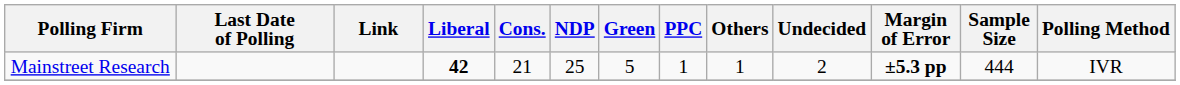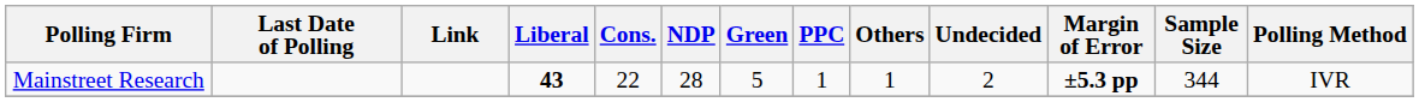 <table class="wikitable sortable" style="text-align:center;font-size:90%;line-height:14px;">
 <tr style="background:#e9e9e9;">
 <th style="width:120px">Polling Firm</th>
 <th style="width:110px">Last Date<br>of Polling</th>
 <th style="width:60px" class="unsortable">Link</th>
 <th style="background-color:"><a href='#'>Liberal</a></th>
 <th style="background-color:"><a href='#'>Cons.</a></th>
 <th style="background-color:"><a href='#'>NDP</a></th>
 <th style="background-color:"><a href='#'>Green</a></th>
 <th style="background-color:"><a href='#'><span>PPC</span></a></th>
 <th style="background-color:">Others</th>
 <th style="background-color:">Undecided</th>
 <th style="width:60px;" class=unsortable>Margin<br>of Error</th>
 <th style="width:50px;" class=unsortable>Sample<br>Size</th>
 <th class=unsortable>Polling Method</th>
 </tr>
 <tr>
 <td><a href='#'>Mainstreet Research</a></td>
 <td></td>
 <td></td>
-<td><strong>42</strong></td>
-<td>21</td>
-<td>25</td>
+<td><strong>43</strong></td>
+<td>22</td>
+<td>28</td>
 <td>5</td>
 <td>1</td>
 <td>1</td>
 <td>2</td>
 <td><strong>±5.3 pp</strong></td>
-<td>444</td>
+<td>344</td>
 <td>IVR</td>
 </tr>
 <tr>
 </tr>
 </table>
